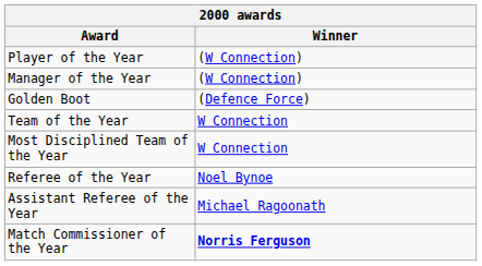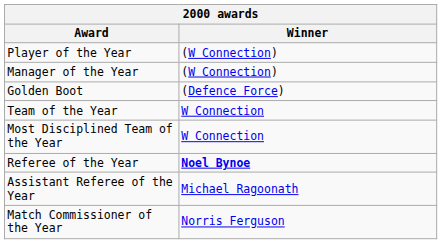 <table class="collapsible wikitable collapsed" width=50%; style="font-size:90%;">
 <tr>
 <th colspan="4">2000 awards</th>
 </tr>
 <tr>
 <th width=20%>Award</th>
 <th width=30%>Winner</th>
 </tr>
 <tr>
 <td>Player of the Year</td>
 <td>  (<a href='#'>W Connection</a>)</td>
 </tr>
 <tr>
 <td>Manager of the Year</td>
 <td>  (<a href='#'>W Connection</a>)</td>
 </tr>
 <tr>
 <td>Golden Boot</td>
 <td>  (<a href='#'>Defence Force</a>)</td>
 </tr>
 <tr>
 <td>Team of the Year</td>
 <td><a href='#'>W Connection</a></td>
 </tr>
 <tr>
 <td>Most Disciplined Team of the Year</td>
 <td><a href='#'>W Connection</a></td>
 </tr>
 <tr>
 <td>Referee of the Year</td>
-<td><a href='#'>Noel Bynoe</a></td>
+<td><strong><a href='#'>Noel Bynoe</a></strong></td>
 </tr>
 <tr>
 <td>Assistant Referee of the Year</td>
 <td><a href='#'>Michael Ragoonath</a></td>
 </tr>
 <tr>
 <td>Match Commissioner of the Year</td>
-<td><strong><a href='#'>Norris Ferguson</a></strong></td>
+<td><a href='#'>Norris Ferguson</a></td>
 </tr>
 </table>
